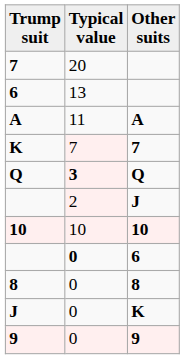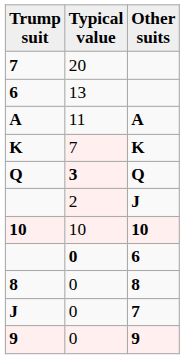 <table class="wikitable" align="right" style="margin-left:0.5em">
 <tr>
 <th style="background:#efefef;">Trump<br>suit</th>
 <th style="background:#efefef;">Typical<br>value</th>
 <th style="background:#efefef;">Other<br>suits</th>
 </tr>
 <tr>
 <td><strong>7</strong></td>
 <td>20</td>
 <td></td>
 </tr>
 <tr>
 <td><strong>6</strong></td>
 <td>13</td>
 <td></td>
 </tr>
 <tr>
 <td><strong>A</strong></td>
 <td>11</td>
 <td><strong>A</strong></td>
 </tr>
 <tr>
 <td><strong>K</strong></td>
 <td style="background:#ffefef;">7</td>
-<td><strong>7</strong></td>
+<td><strong>K</strong></td>
 </tr>
 <tr>
 <td><strong>Q</strong></td>
 <td style="background:#ffefef;"><strong>3</strong></td>
 <td><strong>Q</strong></td>
 </tr>
 <tr>
 <td></td>
 <td style="background:#ffefef;">2</td>
 <td><strong>J</strong></td>
 </tr>
 <tr style="background:#ffefef;">
 <td><strong>10</strong></td>
 <td>10</td>
 <td><strong>10</strong></td>
 </tr>
 <tr>
 <td></td>
 <td><strong>0</strong></td>
 <td><strong>6</strong></td>
 </tr>
 <tr>
 <td><strong>8</strong></td>
 <td>0</td>
 <td><strong>8</strong></td>
 </tr>
 <tr>
 <td><strong>J</strong></td>
 <td>0</td>
-<td><strong>K</strong></td>
+<td><strong>7</strong></td>
 </tr>
 <tr style="background:#ffefef;">
 <td><strong>9</strong></td>
 <td>0</td>
 <td><strong>9</strong></td>
 </tr>
 </table>
